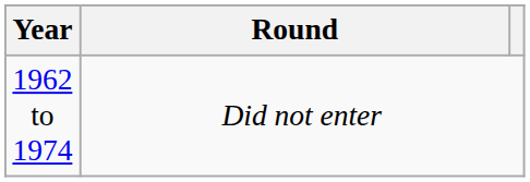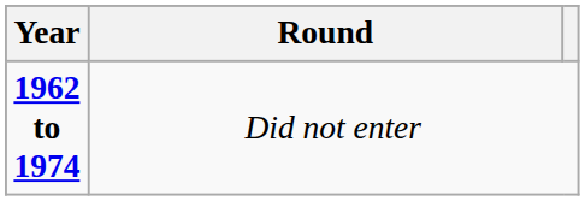 <table class="wikitable" style="text-align: center; font-size:90%">
 <tr>
 <th>Year</th>
 <th style="width:200px">Round</th>
 <th></th>
 </tr>
 <tr>
-<td><a href='#'>1962</a><br>to<br><a href='#'>1974</a></td>
+<td><strong><a href='#'>1962</a><br>to<br><a href='#'>1974</a></strong></td>
 <td colspan="2"><em>Did not enter</em></td>
 </tr>
 </table>
